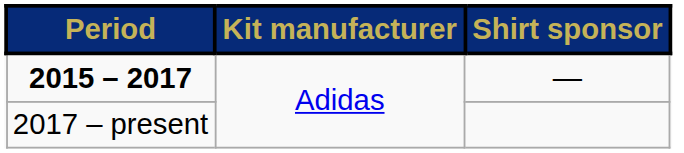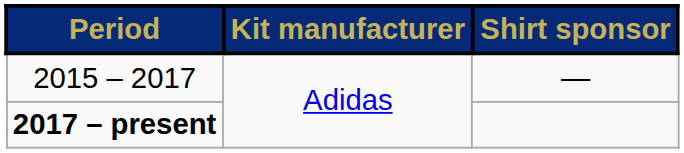 <table class="wikitable" style="text-align:center;margin-left:1em;float:center">
 <tr>
 <th style="background:#062A78; color:#C5B358; border:2px solid #000000;">Period</th>
 <th style="background:#062A78; color:#C5B358; border:2px solid #000000;">Kit manufacturer</th>
 <th style="background:#062A78; color:#C5B358; border:2px solid #000000;">Shirt sponsor</th>
 </tr>
 <tr>
-<td><strong>2015 – 2017</strong></td>
+<td>2015 – 2017</td>
 <td rowspan="2"><a href='#'>Adidas</a></td>
 <td>—</td>
 </tr>
 <tr>
-<td>2017 – present</td>
+<td><strong>2017 – present</strong></td>
 <td></td>
 </tr>
 </table>
